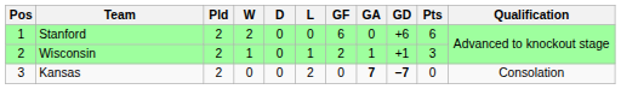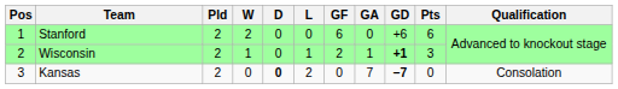 <table class="wikitable" style="text-align:center; margin: 1em auto">
 <tr>
 <th style="width:2em">Pos</th>
 <th style="width:13em">Team</th>
 <th style="width:2em">Pld</th>
 <th style="width:2em">W</th>
 <th style="width:2em">D</th>
 <th style="width:2em">L</th>
 <th style="width:2em">GF</th>
 <th style="width:2em">GA</th>
 <th style="width:2em">GD</th>
 <th style="width:2em">Pts</th>
 <th style="width:13em">Qualification</th>
 </tr>
 <tr bgcolor="#9eff9e">
 <td>1</td>
 <td style="text-align:left">Stanford</td>
 <td>2</td>
 <td>2</td>
 <td>0</td>
 <td>0</td>
 <td>6</td>
 <td>0</td>
 <td>+6</td>
 <td>6</td>
 <td rowspan="2">Advanced to knockout stage</td>
 </tr>
 <tr bgcolor="#9eff9e">
 <td>2</td>
 <td style="text-align:left">Wisconsin</td>
 <td>2</td>
 <td>1</td>
 <td>0</td>
 <td>1</td>
 <td>2</td>
 <td>1</td>
-<td>+1</td>
+<td><strong>+1</strong></td>
 <td>3</td>
 </tr>
 <tr>
 <td>3</td>
 <td style="text-align:left">Kansas</td>
 <td>2</td>
 <td>0</td>
-<td>0</td>
+<td><strong>0</strong></td>
 <td>2</td>
 <td>0</td>
-<td><strong>7</strong></td>
+<td>7</td>
 <td><strong>−7</strong></td>
 <td>0</td>
 <td>Consolation</td>
 </tr>
 </table>
